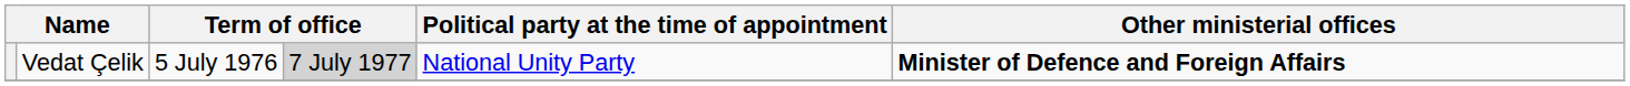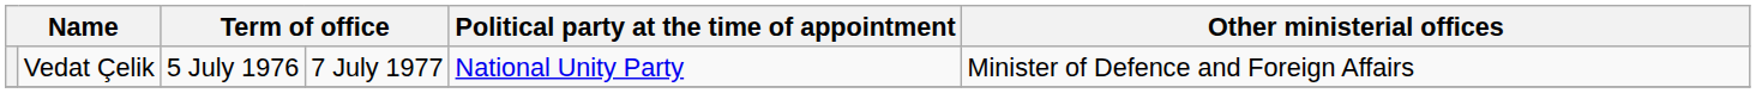 <table class="wikitable" style="font-size:95%">
 <tr>
 <th colspan=2>Name</th>
 <th colspan=2>Term of office</th>
 <th>Political party at the time of appointment</th>
 <th style="width:30em">Other ministerial offices</th>
 </tr>
 <tr>
 <th style="background-color: "></th>
 <td>Vedat Çelik</td>
 <td>5 July 1976</td>
-<td style="background: lightgrey;">7 July 1977</td>
+<td>7 July 1977</td>
 <td><a href='#'>National Unity Party</a></td>
-<td><strong>Minister of Defence and Foreign Affairs</strong></td>
+<td>Minister of Defence and Foreign Affairs</td>
 </tr>
 <tr>
 </tr>
 </table>
